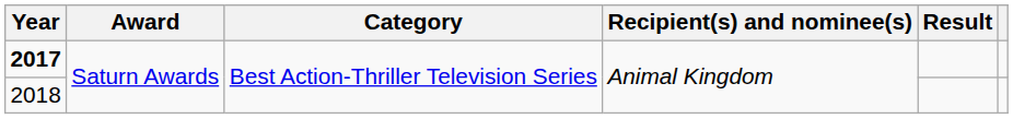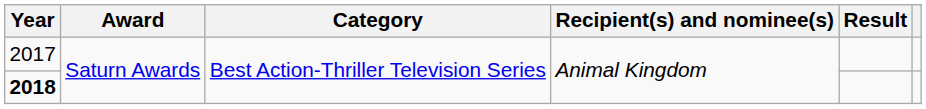 <table class="wikitable sortable plainrowheaders">
 <tr style="background:#ccc; text-align:center;">
 <th scope="col">Year</th>
 <th scope="col">Award</th>
 <th scope="col">Category</th>
 <th scope="col">Recipient(s) and nominee(s)</th>
 <th scope="col">Result</th>
 <th scope="col" class="unsortable"></th>
 </tr>
 <tr>
-<td><strong>2017</strong></td>
+<td>2017</td>
 <td rowspan="2"><a href='#'>Saturn Awards</a></td>
 <td rowspan="2"><a href='#'>Best Action-Thriller Television Series</a></td>
 <td rowspan="2"><em>Animal Kingdom</em></td>
 <td></td>
 <td></td>
 </tr>
 <tr>
-<td>2018</td>
+<td><strong>2018</strong></td>
 <td></td>
 <td style="text-align:center;"></td>
 </tr>
 </table>
